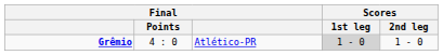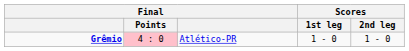 <table class="wikitable" style="text-align:center;">
 <tr>
 <th colspan=3>Final</th>
 <th colspan=3>Scores</th>
 </tr>
 <tr>
 <th width="175"></th>
 <th width="75">Points</th>
 <th width="175"></th>
 <th width="75">1st leg</th>
 <th width="75">2nd leg</th>
 </tr>
 <tr>
 <td align=right><strong><a href='#'>Grêmio</a></strong></td>
-<td>4 : 0</td>
+<td style="background: pink;">4 : 0</td>
 <td align=left><a href='#'>Atlético-PR</a></td>
-<td style="background: lightgrey;">1 - 0</td>
+<td>1 - 0</td>
 <td>1 - 0</td>
 </tr>
 </table>
